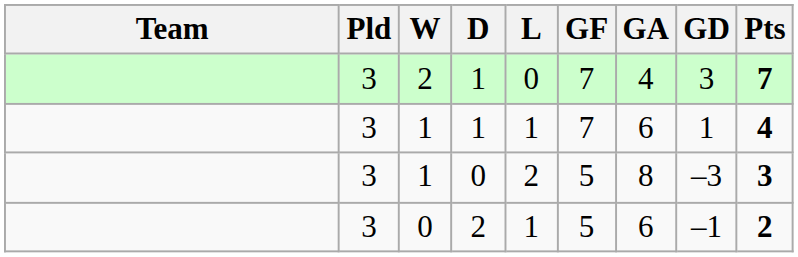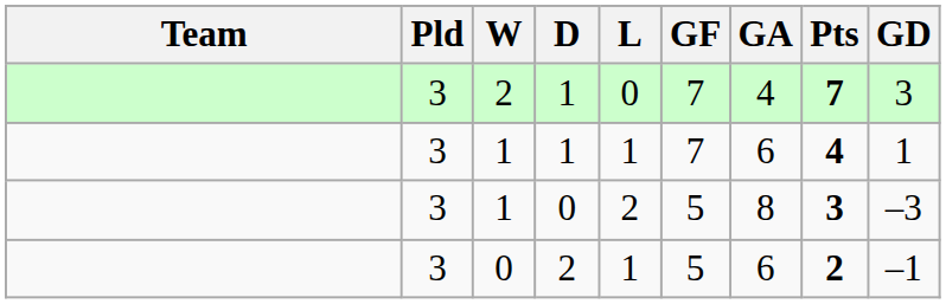 <table class="wikitable" style="text-align:center;">
 <tr>
 <th width=165>Team</th>
 <th width=20>Pld</th>
 <th width=20>W</th>
 <th width=20>D</th>
 <th width=20>L</th>
 <th width=20>GF</th>
 <th width=20>GA</th>
+<th width=20>Pts<br></th>
 <th width=20>GD</th>
-<th width=20>Pts<br></th>
 </tr>
 <tr align=center bgcolor="ccffcc">
 <td style="text-align:left;"></td>
 <td>3</td>
 <td>2</td>
 <td>1</td>
 <td>0</td>
 <td>7</td>
 <td>4</td>
+<td><strong>7</strong></td>
 <td>3</td>
-<td><strong>7</strong></td>
 </tr>
 <tr align=center>
 <td style="text-align:left;"></td>
 <td>3</td>
 <td>1</td>
 <td>1</td>
 <td>1</td>
 <td>7</td>
 <td>6</td>
+<td><strong>4</strong></td>
 <td>1</td>
-<td><strong>4</strong></td>
 </tr>
 <tr align=center>
 <td style="text-align:left;"></td>
 <td>3</td>
 <td>1</td>
 <td>0</td>
 <td>2</td>
 <td>5</td>
 <td>8</td>
+<td><strong>3</strong></td>
 <td>–3</td>
-<td><strong>3</strong></td>
 </tr>
 <tr align=center>
 <td style="text-align:left;"></td>
 <td>3</td>
 <td>0</td>
 <td>2</td>
 <td>1</td>
 <td>5</td>
 <td>6</td>
+<td><strong>2</strong></td>
 <td>–1</td>
-<td><strong>2</strong></td>
 </tr>
 </table>
